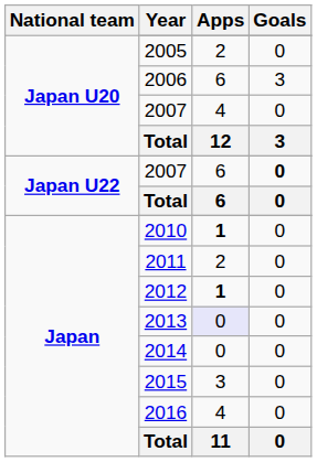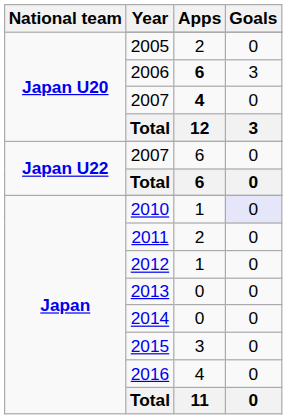 <table class="wikitable" style="font-size:90%; text-align: center">
 <tr>
 <th>National team</th>
 <th>Year</th>
 <th>Apps</th>
 <th>Goals</th>
 </tr>
 <tr>
 <td rowspan="5"><strong><a href='#'>Japan U20</a></strong></td>
 </tr>
 <tr>
 <td>2005</td>
 <td>2</td>
 <td>0</td>
 </tr>
 <tr>
 <td>2006</td>
-<td>6</td>
+<td><strong>6</strong></td>
 <td>3</td>
 </tr>
 <tr>
 <td>2007</td>
-<td>4</td>
+<td><strong>4</strong></td>
 <td>0</td>
 </tr>
 <tr>
 <th>Total</th>
 <th>12</th>
 <th>3</th>
 </tr>
 <tr>
 <td rowspan="3"><strong><a href='#'>Japan U22</a></strong></td>
 </tr>
 <tr>
 <td>2007</td>
 <td>6</td>
-<td><strong>0</strong></td>
+<td>0</td>
 </tr>
 <tr>
 <th>Total</th>
 <th>6</th>
 <th>0</th>
 </tr>
 <tr>
 <td rowspan="9"><strong><a href='#'>Japan</a></strong></td>
 </tr>
 <tr>
 <td><a href='#'>2010</a></td>
-<td><strong>1</strong></td>
-<td>0</td>
+<td>1</td>
+<td style="background: lavender;">0</td>
 </tr>
 <tr>
 <td><a href='#'>2011</a></td>
 <td>2</td>
 <td>0</td>
 </tr>
 <tr>
 <td><a href='#'>2012</a></td>
-<td><strong>1</strong></td>
+<td>1</td>
 <td>0</td>
 </tr>
 <tr>
 <td><a href='#'>2013</a></td>
-<td style="background: lavender;">0</td>
+<td>0</td>
 <td>0</td>
 </tr>
 <tr>
 <td><a href='#'>2014</a></td>
 <td>0</td>
 <td>0</td>
 </tr>
 <tr>
 <td><a href='#'>2015</a></td>
 <td>3</td>
 <td>0</td>
 </tr>
 <tr>
 <td><a href='#'>2016</a></td>
 <td>4</td>
 <td>0</td>
 </tr>
 <tr>
 <th>Total</th>
 <th>11</th>
 <th>0</th>
 </tr>
 </table>
